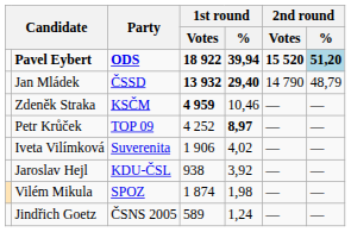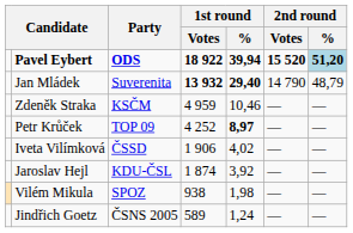 <table class="wikitable sortable">
 <tr>
 <th colspan="2" rowspan="2">Candidate</th>
 <th rowspan="2">Party</th>
 <th colspan="2">1st round</th>
 <th colspan="2">2nd round</th>
 </tr>
 <tr>
 <th>Votes</th>
 <th>%</th>
 <th>Votes</th>
 <th>%</th>
 </tr>
 <tr>
 <td style="background-color:"></td>
 <td><strong>Pavel Eybert</strong></td>
 <td><a href='#'><strong>ODS</strong></a></td>
 <td><strong>18 922</strong></td>
 <td><strong>39,94</strong></td>
 <td><strong>15 520</strong></td>
 <td style="background: lightblue;"><strong>51,20</strong></td>
 </tr>
 <tr>
 <td style="background-color:"></td>
 <td>Jan Mládek</td>
-<td><a href='#'>ČSSD</a></td>
+<td><a href='#'>Suverenita</a></td>
 <td><strong>13 932</strong></td>
 <td><strong>29,40</strong></td>
 <td>14 790</td>
 <td>48,79</td>
 </tr>
 <tr>
 <td style="background-color:"></td>
 <td>Zdeněk Straka</td>
 <td><a href='#'>KSČM</a></td>
-<td><strong>4 959</strong></td>
+<td>4 959</td>
 <td>10,46</td>
 <td>—</td>
 <td>—</td>
 </tr>
 <tr>
 <td style="background-color:"></td>
 <td>Petr Krůček</td>
 <td><a href='#'>TOP 09</a></td>
 <td>4 252</td>
 <td><strong>8,97</strong></td>
 <td>—</td>
 <td>—</td>
 </tr>
 <tr>
 <td style="background-color:"></td>
 <td>Iveta Vilímková</td>
-<td><a href='#'>Suverenita</a></td>
+<td><a href='#'>ČSSD</a></td>
 <td>1 906</td>
 <td>4,02</td>
 <td>—</td>
 <td>—</td>
 </tr>
 <tr>
 <td style="background-color:"></td>
 <td>Jaroslav Hejl</td>
 <td><a href='#'>KDU-ČSL</a></td>
-<td>938</td>
+<td>1 874</td>
 <td>3,92</td>
 <td>—</td>
 <td>—</td>
 </tr>
 <tr>
 <td style="background-color: Moccasin;"></td>
 <td>Vilém Mikula</td>
 <td><a href='#'>SPOZ</a></td>
-<td>1 874</td>
+<td>938</td>
 <td>1,98</td>
 <td>—</td>
 <td>—</td>
 </tr>
 <tr>
 <td style="background-color:"></td>
 <td>Jindřich Goetz</td>
 <td>ČSNS 2005</td>
 <td>589</td>
 <td>1,24</td>
 <td>—</td>
 <td>—</td>
 </tr>
 </table>
